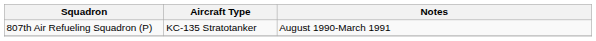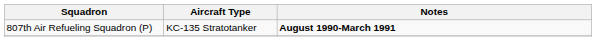 <table class="wikitable">
 <tr>
 <th scope="col" width="250">Squadron</th>
 <th scope="col" width="175">Aircraft Type</th>
 <th scope="col" width="500">Notes</th>
 </tr>
 <tr valign="top">
 <td>807th Air Refueling Squadron (P)</td>
 <td>KC-135 Stratotanker</td>
-<td>August 1990-March 1991</td>
+<td><strong>August 1990-March 1991</strong></td>
 </tr>
 <tr>
 </tr>
 <tr>
 </tr>
 </table>
